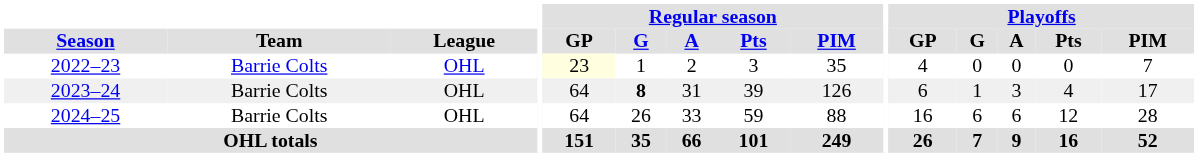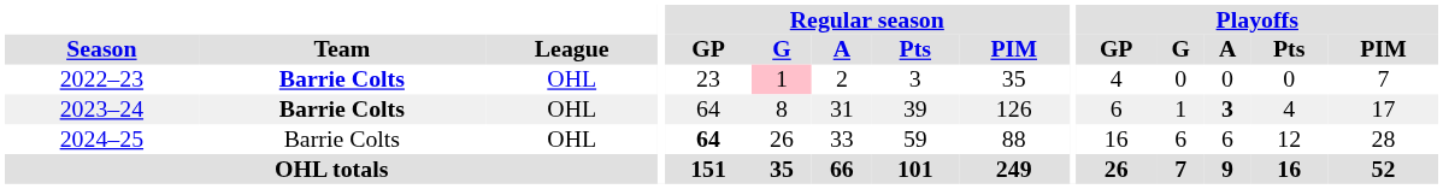 <table border="0" cellpadding="1" cellspacing="0" style="text-align:center; width:60em">
 <tr bgcolor="#e0e0e0">
 <th colspan="3" bgcolor="#ffffff"></th>
 <th rowspan="101" bgcolor="#ffffff"></th>
 <th colspan="5"><a href='#'>Regular season</a></th>
 <th rowspan="101" bgcolor="#ffffff"></th>
 <th colspan="5"><a href='#'>Playoffs</a></th>
 </tr>
 <tr bgcolor="#e0e0e0">
 <th><a href='#'>Season</a></th>
 <th>Team</th>
 <th>League</th>
 <th>GP</th>
 <th><a href='#'>G</a></th>
 <th><a href='#'>A</a></th>
 <th><a href='#'>Pts</a></th>
 <th><a href='#'>PIM</a></th>
 <th>GP</th>
 <th>G</th>
 <th>A</th>
 <th>Pts</th>
 <th>PIM</th>
 </tr>
 <tr>
 <td><a href='#'>2022–23</a></td>
-<td><a href='#'>Barrie Colts</a></td>
+<td><strong><a href='#'>Barrie Colts</a></strong></td>
 <td><a href='#'>OHL</a></td>
-<td style="background: lightyellow;">23</td>
-<td>1</td>
+<td>23</td>
+<td style="background: pink;">1</td>
 <td>2</td>
 <td>3</td>
 <td>35</td>
 <td>4</td>
 <td>0</td>
 <td>0</td>
 <td>0</td>
 <td>7</td>
 </tr>
 <tr bgcolor="#f0f0f0">
 <td><a href='#'>2023–24</a></td>
-<td>Barrie Colts</td>
+<td><strong>Barrie Colts</strong></td>
 <td>OHL</td>
 <td>64</td>
-<td><strong>8</strong></td>
+<td>8</td>
 <td>31</td>
 <td>39</td>
 <td>126</td>
 <td>6</td>
 <td>1</td>
-<td>3</td>
+<td><strong>3</strong></td>
 <td>4</td>
 <td>17</td>
 </tr>
 <tr>
 <td><a href='#'>2024–25</a></td>
 <td>Barrie Colts</td>
 <td>OHL</td>
-<td>64</td>
+<td><strong>64</strong></td>
 <td>26</td>
 <td>33</td>
 <td>59</td>
 <td>88</td>
 <td>16</td>
 <td>6</td>
 <td>6</td>
 <td>12</td>
 <td>28</td>
 </tr>
 <tr bgcolor="#e0e0e0">
 <th colspan="3">OHL totals</th>
 <th>151</th>
 <th>35</th>
 <th>66</th>
 <th>101</th>
 <th>249</th>
 <th>26</th>
 <th>7</th>
 <th>9</th>
 <th>16</th>
 <th>52</th>
 </tr>
 </table>
